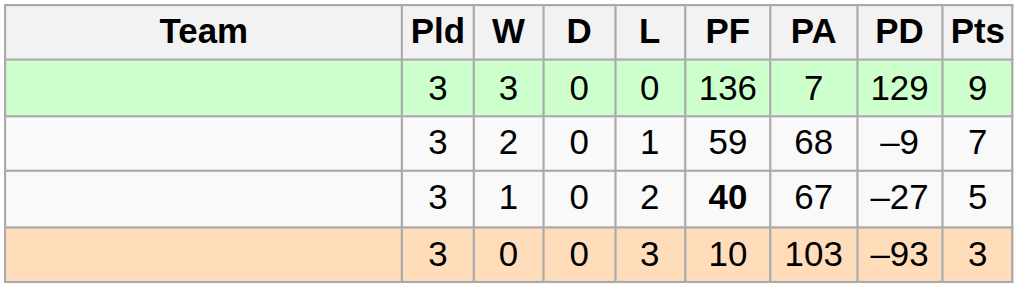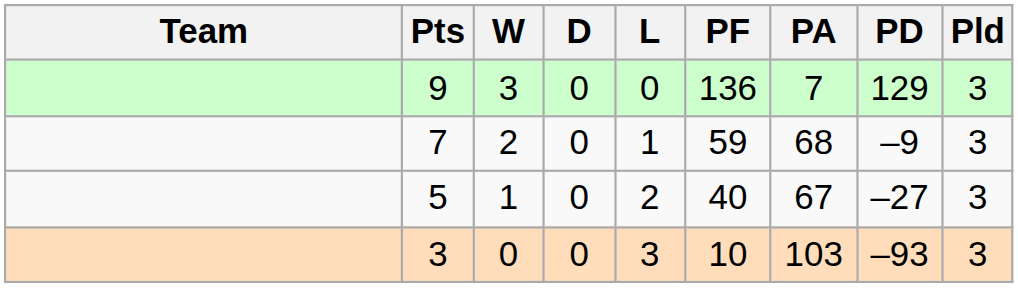 <table class="wikitable" style="text-align:center;">
 <tr>
 <th width=175>Team</th>
-<th width=25 abbr="Played">Pld</th>
+<th width=25 abbr="Points">Pts</th>
 <th width=25 abbr="Won">W</th>
 <th width=25 abbr="Drawn">D</th>
 <th width=25 abbr="Lost">L</th>
 <th width=32 abbr="Points for">PF</th>
 <th width=32 abbr="Points against">PA</th>
 <th width=32 abbr="Points difference">PD</th>
-<th width=25 abbr="Points">Pts</th>
+<th width=25 abbr="Played">Pld</th>
 </tr>
 <tr bgcolor="#ccffcc">
 <td align=left></td>
-<td>3</td>
+<td>9</td>
 <td>3</td>
 <td>0</td>
 <td>0</td>
 <td>136</td>
 <td>7</td>
 <td>129</td>
-<td>9</td>
+<td>3</td>
 </tr>
 <tr>
 <td align=left></td>
-<td>3</td>
+<td>7</td>
 <td>2</td>
 <td>0</td>
 <td>1</td>
 <td>59</td>
 <td>68</td>
 <td>–9</td>
-<td>7</td>
+<td>3</td>
 </tr>
 <tr>
 <td align=left></td>
-<td>3</td>
+<td>5</td>
 <td>1</td>
 <td>0</td>
 <td>2</td>
-<td><strong>40</strong></td>
+<td>40</td>
 <td>67</td>
 <td>–27</td>
-<td>5</td>
+<td>3</td>
 </tr>
 <tr bgcolor="#ffddbb">
 <td align=left></td>
 <td>3</td>
 <td>0</td>
 <td>0</td>
 <td>3</td>
 <td>10</td>
 <td>103</td>
 <td>–93</td>
 <td>3</td>
 </tr>
 </table>
